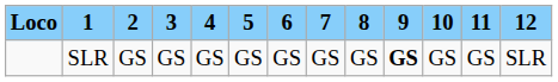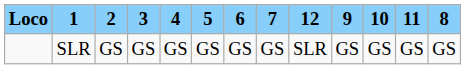 <table class="wikitable plainrowheaders unsortable" style="text-align:center">
 <tr>
 <th scope="col" rowspan="1" style="background:lightskyblue;">Loco</th>
 <th scope="col" rowspan="1" style="background:lightskyblue;">1</th>
 <th scope="col" rowspan="1" style="background:lightskyblue;">2</th>
 <th scope="col" rowspan="1" style="background:lightskyblue;">3</th>
 <th scope="col" rowspan="1" style="background:lightskyblue;">4</th>
 <th scope="col" rowspan="1" style="background:lightskyblue;">5</th>
 <th scope="col" rowspan="1" style="background:lightskyblue;">6</th>
 <th scope="col" rowspan="1" style="background:lightskyblue;">7</th>
-<th scope="col" rowspan="1" style="background:lightskyblue;">8</th>
+<th scope="col" rowspan="1" style="background:lightskyblue;">12</th>
 <th scope="col" rowspan="1" style="background:lightskyblue;">9</th>
 <th scope="col" rowspan="1" style="background:lightskyblue;">10</th>
 <th scope="col" rowspan="1" style="background:lightskyblue;">11</th>
-<th scope="col" rowspan="1" style="background:lightskyblue;">12</th>
+<th scope="col" rowspan="1" style="background:lightskyblue;">8</th>
 </tr>
 <tr>
 <td></td>
 <td>SLR</td>
 <td>GS</td>
 <td>GS</td>
 <td>GS</td>
 <td>GS</td>
 <td>GS</td>
 <td>GS</td>
-<td>GS</td>
-<td><strong>GS</strong></td>
+<td>SLR</td>
 <td>GS</td>
 <td>GS</td>
-<td>SLR</td>
+<td>GS</td>
+<td>GS</td>
 </tr>
 </table>
